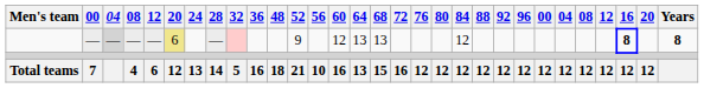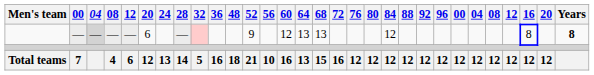 <table class="wikitable" style="text-align: center; font-size: 90%; margin-left: 1em;">
 <tr>
 <th>Men's team</th>
 <th><a href='#'>00</a></th>
 <th><em><a href='#'>04</a></em></th>
 <th><a href='#'>08</a></th>
 <th><a href='#'>12</a></th>
 <th><a href='#'>20</a></th>
 <th><a href='#'>24</a></th>
 <th><a href='#'>28</a></th>
 <th><a href='#'>32</a></th>
 <th><a href='#'>36</a></th>
 <th><a href='#'>48</a></th>
 <th><a href='#'>52</a></th>
 <th><a href='#'>56</a></th>
 <th><a href='#'>60</a></th>
 <th><a href='#'>64</a></th>
 <th><a href='#'>68</a></th>
 <th><a href='#'>72</a></th>
 <th><a href='#'>76</a></th>
 <th><a href='#'>80</a></th>
 <th><a href='#'>84</a></th>
 <th><a href='#'>88</a></th>
 <th><a href='#'>92</a></th>
 <th><a href='#'>96</a></th>
 <th><a href='#'>00</a></th>
 <th><a href='#'>04</a></th>
 <th><a href='#'>08</a></th>
 <th><a href='#'>12</a></th>
 <th><a href='#'>16</a></th>
 <th><a href='#'>20</a></th>
 <th>Years</th>
 </tr>
 <tr>
 <td style="text-align: left;"></td>
 <td style="background-color: #ececec;">—</td>
 <td style="background-color: lightgray;">—</td>
 <td style="background-color: #ececec;">—</td>
 <td style="background-color: #ececec;">—</td>
-<td style="background: khaki;">6</td>
+<td>6</td>
 <td></td>
 <td style="background-color: #ececec;">—</td>
 <td style="background-color: #ffcccc;"></td>
 <td></td>
 <td></td>
 <td>9</td>
 <td></td>
 <td>12</td>
 <td>13</td>
 <td>13</td>
 <td></td>
 <td></td>
 <td></td>
 <td>12</td>
 <td></td>
 <td></td>
 <td></td>
 <td></td>
 <td></td>
 <td></td>
 <td></td>
-<td style="border: 2px solid blue;"><strong>8</strong></td>
+<td style="border: 2px solid blue;">8</td>
 <td></td>
 <td><strong>8</strong></td>
 </tr>
 <tr style="background-color: lightgrey;">
 <td colspan="30"></td>
 </tr>
 <tr>
 <th>Total teams</th>
 <th>7</th>
 <th></th>
 <th>4</th>
 <th>6</th>
 <th>12</th>
 <th>13</th>
 <th>14</th>
 <th>5</th>
 <th>16</th>
 <th>18</th>
 <th>21</th>
 <th>10</th>
 <th>16</th>
 <th>13</th>
 <th>15</th>
 <th>16</th>
 <th>12</th>
 <th>12</th>
 <th>12</th>
 <th>12</th>
 <th>12</th>
 <th>12</th>
 <th>12</th>
 <th>12</th>
 <th>12</th>
 <th>12</th>
 <th>12</th>
 <th>12</th>
 <th></th>
 </tr>
 </table>
